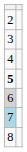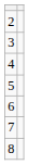 <table class="wikitable">
 <tr>
 <th></th>
 <th></th>
 </tr>
 <tr>
 <td>2</td>
 <td></td>
 </tr>
 <tr>
 <td>3</td>
 <td></td>
 </tr>
 <tr>
 <td>4</td>
 <td></td>
 </tr>
 <tr>
-<td><strong>5</strong></td>
+<td>5</td>
 <td></td>
 </tr>
 <tr>
-<td style="background: lightgrey;">6</td>
+<td>6</td>
 <td></td>
 </tr>
 <tr>
-<td style="background: lightblue;">7</td>
+<td>7</td>
 <td></td>
 </tr>
 <tr>
 <td>8</td>
 <td></td>
 </tr>
 </table>
